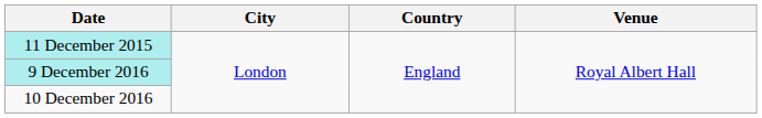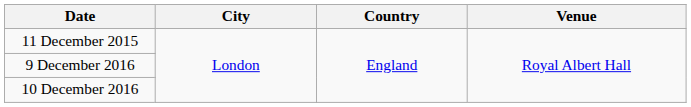 <table class="wikitable" style="text-align:center;">
 <tr>
 <th style="width:150px;">Date</th>
 <th style="width:160px;">City</th>
 <th style="width:150px;">Country</th>
 <th style="width:220px;">Venue</th>
 </tr>
 <tr>
-<td style="background: paleturquoise;">11 December 2015</td>
+<td>11 December 2015</td>
 <td rowspan="3"><a href='#'>London</a></td>
 <td rowspan="3"><a href='#'>England</a></td>
 <td rowspan="3"><a href='#'>Royal Albert Hall</a></td>
 </tr>
 <tr>
-<td style="background: paleturquoise;">9 December 2016</td>
+<td>9 December 2016</td>
 </tr>
 <tr>
 <td>10 December 2016</td>
 </tr>
 </table>
